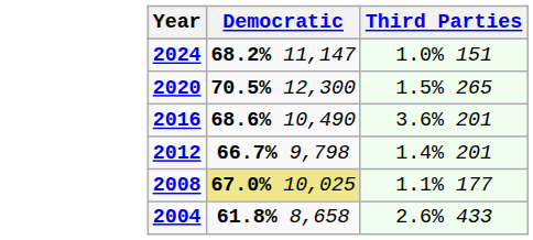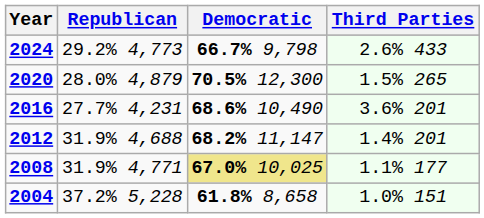 <table class="wikitable" style="float:right; font-size:95%;">
 <tr bgcolor=lightgrey>
 <th>Year</th>
+<th><a href='#'>Republican</a></th>
 <th><a href='#'>Democratic</a></th>
 <th><a href='#'>Third Parties</a></th>
 </tr>
 <tr>
 <td style="text-align:center; "><strong><a href='#'>2024</a></strong></td>
-<td style="text-align:center; "><strong>68.2%</strong>  <em>11,147</em></td>
-<td style="text-align:center; background:honeyDew;">1.0% <em>151</em></td>
+<td style="text-align:center; ">29.2% <em>4,773</em></td>
+<td style="text-align:center; "><strong>66.7%</strong>  <em>9,798</em></td>
+<td style="text-align:center; background:honeyDew;">2.6% <em>433</em></td>
 </tr>
 <tr>
 <td style="text-align:center; "><strong><a href='#'>2020</a></strong></td>
+<td style="text-align:center; ">28.0% <em>4,879</em></td>
 <td style="text-align:center; "><strong>70.5%</strong>  <em>12,300</em></td>
 <td style="text-align:center; background:honeyDew;">1.5% <em>265</em></td>
 </tr>
 <tr>
 <td style="text-align:center; "><strong><a href='#'>2016</a></strong></td>
+<td style="text-align:center; ">27.7% <em>4,231</em></td>
 <td style="text-align:center; "><strong>68.6%</strong>  <em>10,490</em></td>
 <td style="text-align:center; background:honeyDew;">3.6% <em>201</em></td>
 </tr>
 <tr>
 <td style="text-align:center; "><strong><a href='#'>2012</a></strong></td>
-<td style="text-align:center; "><strong>66.7%</strong>  <em>9,798</em></td>
+<td style="text-align:center; ">31.9% <em>4,688</em></td>
+<td style="text-align:center; "><strong>68.2%</strong>  <em>11,147</em></td>
 <td style="text-align:center; background:honeyDew;">1.4% <em>201</em></td>
 </tr>
 <tr>
 <td style="text-align:center; "><strong><a href='#'>2008</a></strong></td>
+<td style="text-align:center; ">31.9% <em>4,771</em></td>
 <td style="background: khaki; text-align:center; "><strong>67.0%</strong>  <em>10,025</em></td>
 <td style="text-align:center; background:honeyDew;">1.1% <em>177</em></td>
 </tr>
 <tr>
 <td style="text-align:center; "><strong><a href='#'>2004</a></strong></td>
+<td style="text-align:center; ">37.2% <em>5,228</em></td>
 <td style="text-align:center; "><strong>61.8%</strong>  <em>8,658</em></td>
-<td style="text-align:center; background:honeyDew;">2.6% <em>433</em></td>
+<td style="text-align:center; background:honeyDew;">1.0% <em>151</em></td>
 </tr>
 </table>
